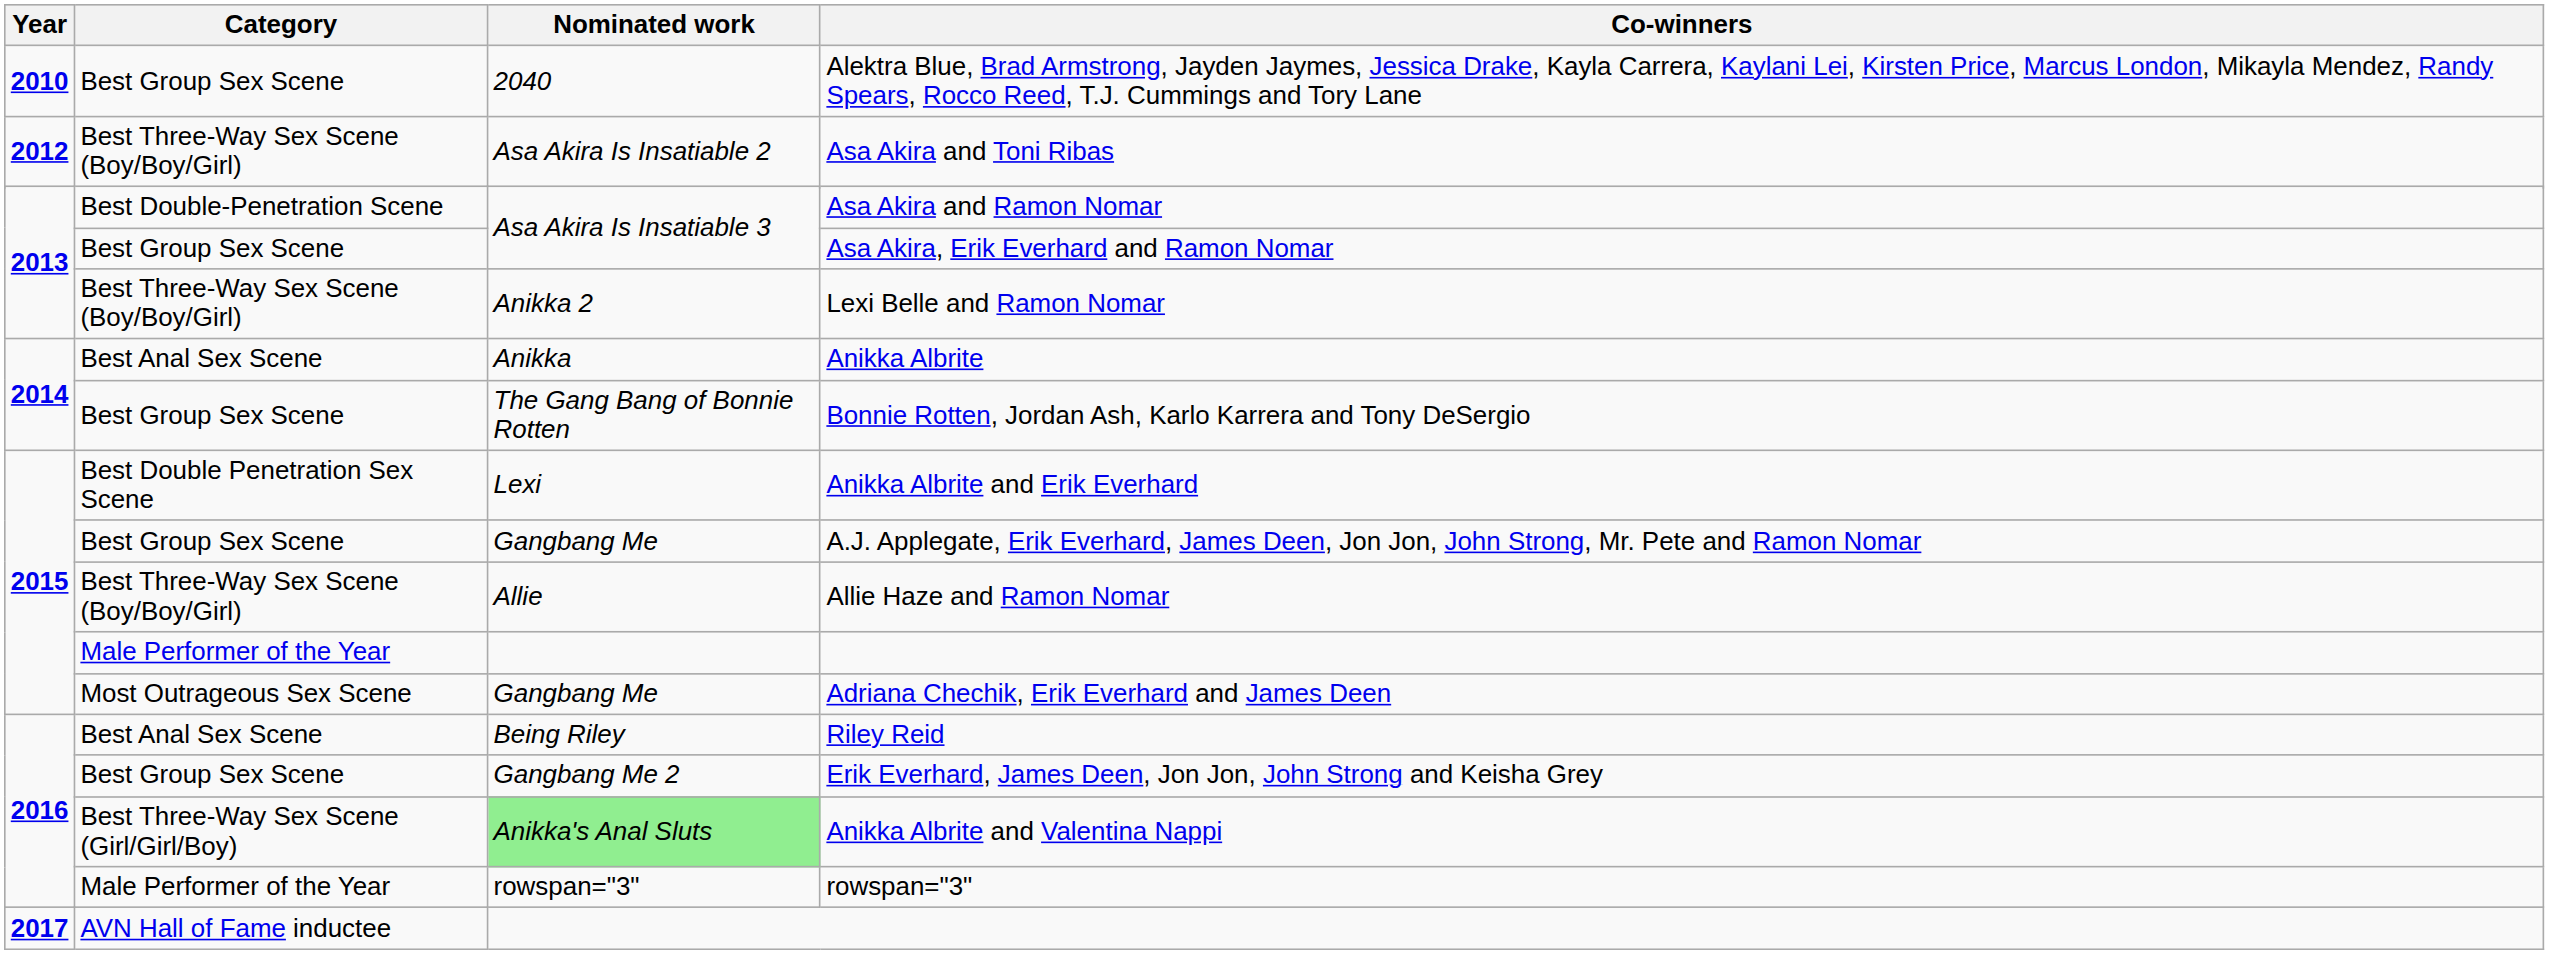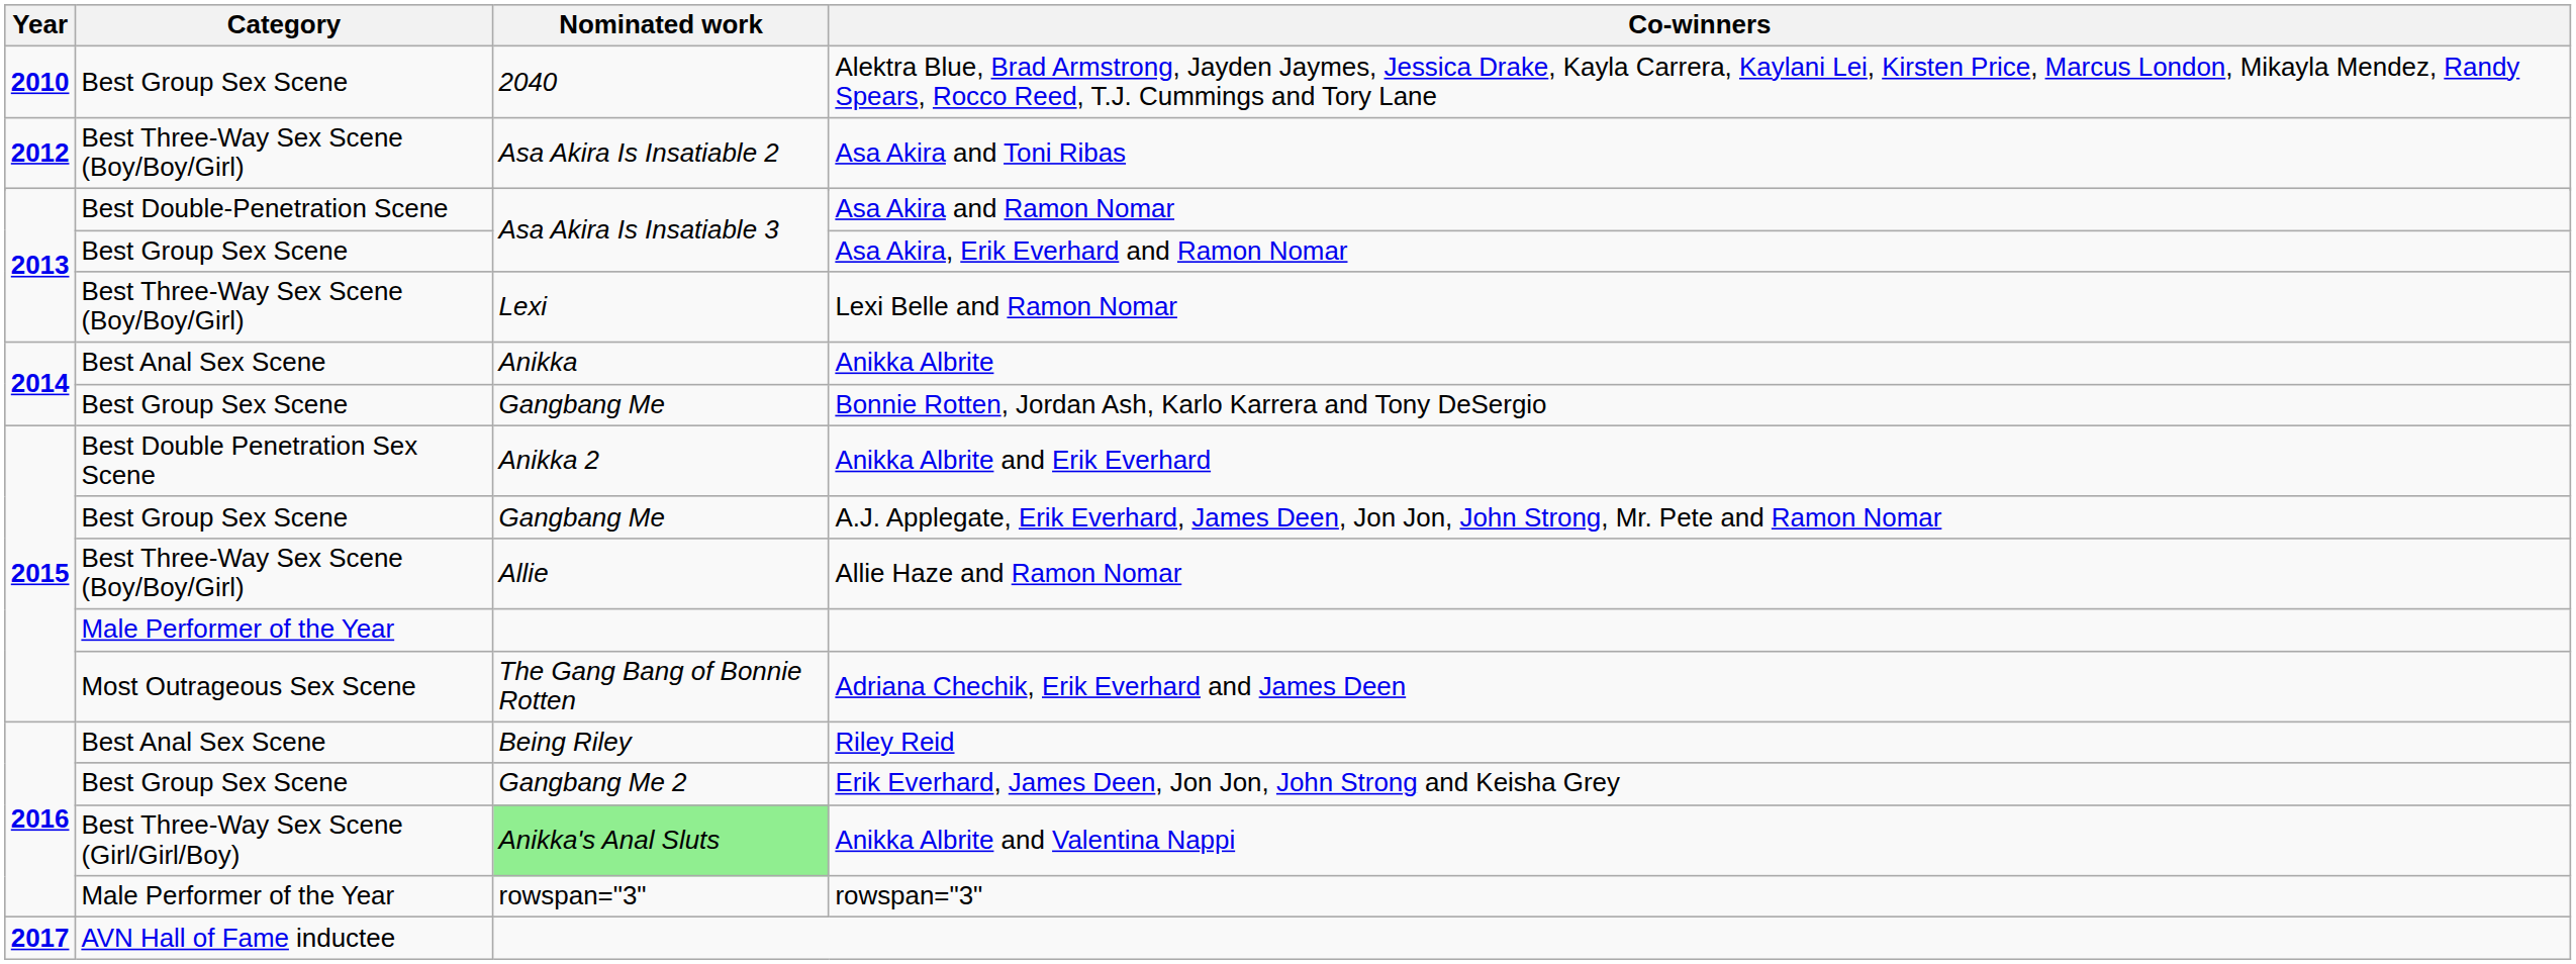 <table class="wikitable">
 <tr>
 <th>Year</th>
 <th>Category</th>
 <th>Nominated work</th>
 <th>Co-winners</th>
 </tr>
 <tr>
 <td><strong><a href='#'>2010</a></strong></td>
 <td>Best Group Sex Scene</td>
 <td><em>2040</em></td>
 <td>Alektra Blue, <a href='#'>Brad Armstrong</a>, Jayden Jaymes, <a href='#'>Jessica Drake</a>, Kayla Carrera, <a href='#'>Kaylani Lei</a>, <a href='#'>Kirsten Price</a>, <a href='#'>Marcus London</a>, Mikayla Mendez, <a href='#'>Randy Spears</a>, <a href='#'>Rocco Reed</a>, T.J. Cummings and Tory Lane</td>
 </tr>
 <tr>
 <td rowspan="2"><strong><a href='#'>2012</a></strong></td>
 <td>Best Three-Way Sex Scene (Boy/Boy/Girl)</td>
 <td rowspan="2"><em>Asa Akira Is Insatiable 2</em></td>
 <td rowspan="2"><a href='#'>Asa Akira</a> and <a href='#'>Toni Ribas</a></td>
 </tr>
 <tr>
 <td rowspan="2">Best Double-Penetration Scene</td>
 </tr>
 <tr>
 <td rowspan="3"><strong><a href='#'>2013</a></strong></td>
 <td rowspan="2"><em>Asa Akira Is Insatiable 3</em></td>
 <td><a href='#'>Asa Akira</a> and <a href='#'>Ramon Nomar</a></td>
 </tr>
 <tr>
 <td>Best Group Sex Scene</td>
 <td><a href='#'>Asa Akira</a>, <a href='#'>Erik Everhard</a> and <a href='#'>Ramon Nomar</a></td>
 </tr>
 <tr>
 <td>Best Three-Way Sex Scene (Boy/Boy/Girl)</td>
-<td><em>Anikka 2</em></td>
+<td><em>Lexi</em></td>
 <td>Lexi Belle and <a href='#'>Ramon Nomar</a></td>
 </tr>
 <tr>
 <td rowspan="2"><strong><a href='#'>2014</a></strong></td>
 <td>Best Anal Sex Scene</td>
 <td><em>Anikka</em></td>
 <td><a href='#'>Anikka Albrite</a></td>
 </tr>
 <tr>
 <td>Best Group Sex Scene</td>
-<td><em>The Gang Bang of Bonnie Rotten</em></td>
+<td><em>Gangbang Me</em></td>
 <td><a href='#'>Bonnie Rotten</a>, Jordan Ash, Karlo Karrera and Tony DeSergio</td>
 </tr>
 <tr>
 <td rowspan="5"><strong><a href='#'>2015</a></strong></td>
 <td>Best Double Penetration Sex Scene</td>
-<td><em>Lexi</em></td>
+<td><em>Anikka 2</em></td>
 <td><a href='#'>Anikka Albrite</a> and <a href='#'>Erik Everhard</a></td>
 </tr>
 <tr>
 <td>Best Group Sex Scene</td>
 <td><em>Gangbang Me</em></td>
 <td>A.J. Applegate, <a href='#'>Erik Everhard</a>, <a href='#'>James Deen</a>, Jon Jon, <a href='#'>John Strong</a>, Mr. Pete and <a href='#'>Ramon Nomar</a></td>
 </tr>
 <tr>
 <td>Best Three-Way Sex Scene (Boy/Boy/Girl)</td>
 <td><em>Allie</em></td>
 <td>Allie Haze and <a href='#'>Ramon Nomar</a></td>
 </tr>
 <tr>
 <td><a href='#'>Male Performer of the Year</a></td>
 <td></td>
 <td></td>
 </tr>
 <tr>
 <td>Most Outrageous Sex Scene</td>
-<td><em>Gangbang Me</em></td>
+<td><em>The Gang Bang of Bonnie Rotten</em></td>
 <td><a href='#'>Adriana Chechik</a>, <a href='#'>Erik Everhard</a> and <a href='#'>James Deen</a></td>
 </tr>
 <tr>
 <td rowspan="4"><strong><a href='#'>2016</a></strong></td>
 <td>Best Anal Sex Scene</td>
 <td><em>Being Riley</em></td>
 <td><a href='#'>Riley Reid</a></td>
 </tr>
 <tr>
 <td>Best Group Sex Scene</td>
 <td><em>Gangbang Me 2</em></td>
 <td><a href='#'>Erik Everhard</a>, <a href='#'>James Deen</a>, Jon Jon, <a href='#'>John Strong</a> and Keisha Grey</td>
 </tr>
 <tr>
 <td>Best Three-Way Sex Scene (Girl/Girl/Boy)</td>
 <td style="background: lightgreen;"><em>Anikka's Anal Sluts</em></td>
 <td><a href='#'>Anikka Albrite</a> and <a href='#'>Valentina Nappi</a></td>
 </tr>
 <tr>
 <td rowspan="2">Male Performer of the Year</td>
 <td>rowspan="3" </td>
 <td>rowspan="3" </td>
 </tr>
 <tr>
 <td rowspan="3"><strong><a href='#'>2017</a></strong></td>
 </tr>
 <tr>
 <td><a href='#'>AVN Hall of Fame</a> inductee</td>
 </tr>
 </table>
